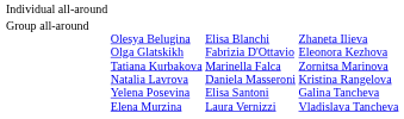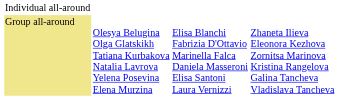 <table>
 <tr valign="top">
 <td>Individual all-around<br></td>
 <td></td>
 <td></td>
 <td></td>
 </tr>
 <tr valign="top">
-<td>Group all-around<br></td>
+<td style="background: khaki;">Group all-around<br></td>
 <td><br><a href='#'>Olesya Belugina</a><br><a href='#'>Olga Glatskikh</a><br><a href='#'>Tatiana Kurbakova</a><br><a href='#'>Natalia Lavrova</a><br><a href='#'>Yelena Posevina</a><br><a href='#'>Elena Murzina</a></td>
 <td><br><a href='#'>Elisa Blanchi</a><br><a href='#'>Fabrizia D'Ottavio</a><br><a href='#'>Marinella Falca</a><br><a href='#'>Daniela Masseroni</a><br><a href='#'>Elisa Santoni</a><br><a href='#'>Laura Vernizzi</a></td>
 <td><br><a href='#'>Zhaneta Ilieva</a><br><a href='#'>Eleonora Kezhova</a><br><a href='#'>Zornitsa Marinova</a><br><a href='#'>Kristina Rangelova</a><br><a href='#'>Galina Tancheva</a><br><a href='#'>Vladislava Tancheva</a></td>
 </tr>
 </table>
